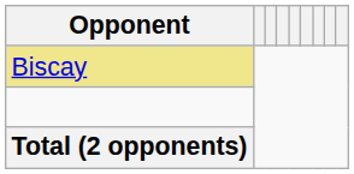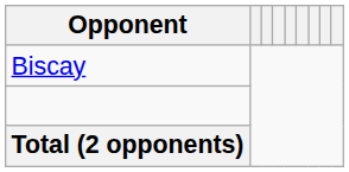 <table class="sortable wikitable plainrowheaders" style="text-align:center">
 <tr>
 <th>Opponent</th>
 <th></th>
 <th></th>
 <th></th>
 <th></th>
 <th></th>
 <th></th>
 <th></th>
 <th></th>
 </tr>
 <tr>
-<td style="background: khaki; text-align:left;"> <a href='#'>Biscay</a><br></td>
+<td style="text-align:left;"> <a href='#'>Biscay</a><br></td>
 </tr>
 <tr>
 <td style="text-align:left;"><br></td>
 </tr>
 <tr class="sortbottom">
 <th>Total (2 opponents)<br></th>
 </tr>
 </table>
